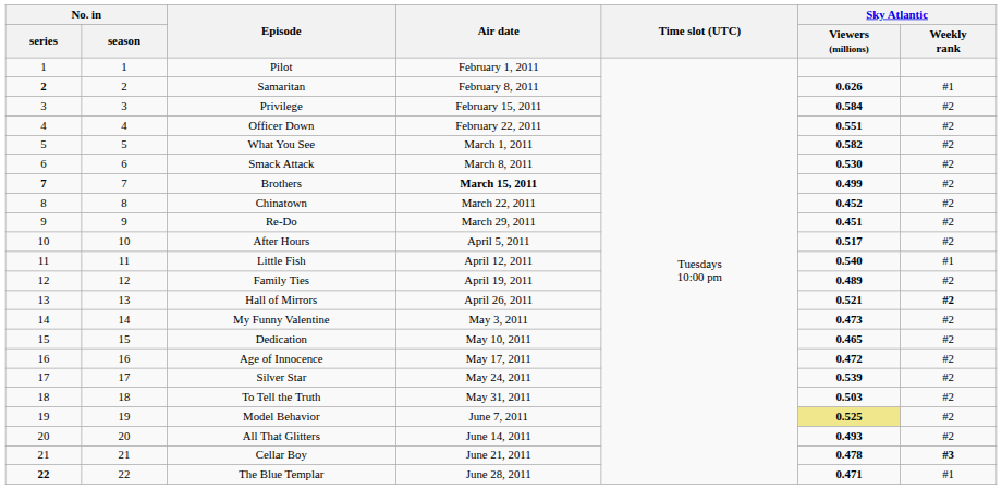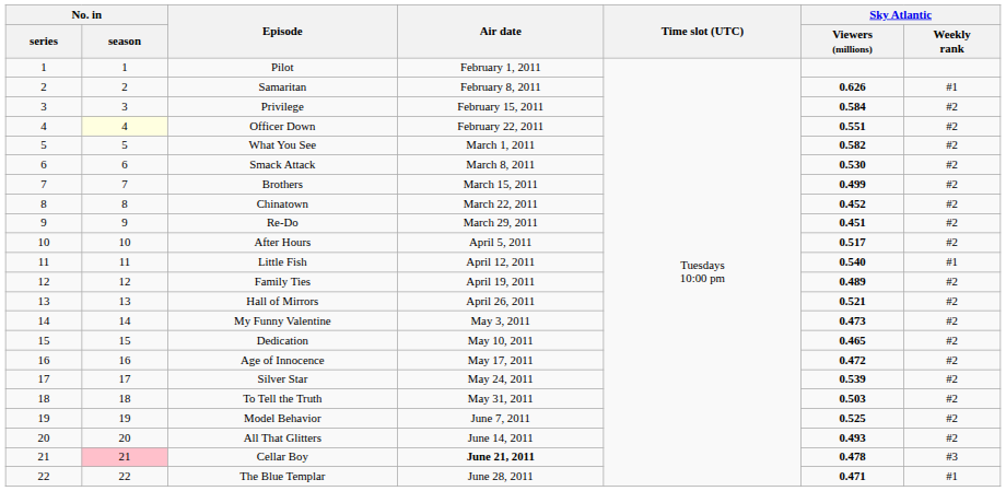 <table class="wikitable" style="font-size:90%; text-align:center; width: 96%; margin-left: auto; margin-right: auto;">
 <tr>
 <th colspan="2">No. in</th>
 <th rowspan="2">Episode</th>
 <th rowspan="2">Air date</th>
 <th rowspan="2">Time slot (UTC)</th>
 <th colspan="2"><a href='#'>Sky Atlantic</a></th>
 </tr>
 <tr>
 <th>series</th>
 <th>season</th>
 <th>Viewers<br><small>(millions)</small></th>
 <th>Weekly<br>rank</th>
 </tr>
 <tr>
 <td style="text-align:center">1</td>
 <td style="text-align:center">1</td>
 <td>Pilot</td>
 <td>February 1, 2011</td>
 <td rowspan=22>Tuesdays<br> 10:00 pm</td>
 <td></td>
 <td></td>
 </tr>
 <tr>
-<td><strong>2</strong></td>
+<td>2</td>
 <td>2</td>
 <td>Samaritan</td>
 <td>February 8, 2011</td>
 <td><strong>0.626</strong></td>
 <td>#1</td>
 </tr>
 <tr>
 <td>3</td>
 <td>3</td>
 <td>Privilege</td>
 <td>February 15, 2011</td>
 <td><strong>0.584</strong></td>
 <td>#2</td>
 </tr>
 <tr>
 <td>4</td>
-<td>4</td>
+<td style="background: lightyellow;">4</td>
 <td>Officer Down</td>
 <td>February 22, 2011</td>
 <td><strong>0.551</strong></td>
 <td>#2</td>
 </tr>
 <tr>
 <td>5</td>
 <td>5</td>
 <td>What You See</td>
 <td>March 1, 2011</td>
 <td><strong>0.582</strong></td>
 <td>#2</td>
 </tr>
 <tr>
 <td>6</td>
 <td>6</td>
 <td>Smack Attack</td>
 <td>March 8, 2011</td>
 <td><strong>0.530</strong></td>
 <td>#2</td>
 </tr>
 <tr>
-<td><strong>7</strong></td>
+<td>7</td>
 <td>7</td>
 <td>Brothers</td>
-<td><strong>March 15, 2011</strong></td>
+<td>March 15, 2011</td>
 <td><strong>0.499</strong></td>
 <td>#2</td>
 </tr>
 <tr>
 <td>8</td>
 <td>8</td>
 <td>Chinatown</td>
 <td>March 22, 2011</td>
 <td><strong>0.452</strong></td>
 <td>#2</td>
 </tr>
 <tr>
 <td>9</td>
 <td>9</td>
 <td>Re-Do</td>
 <td>March 29, 2011</td>
 <td><strong>0.451</strong></td>
 <td>#2</td>
 </tr>
 <tr>
 <td>10</td>
 <td>10</td>
 <td>After Hours</td>
 <td>April 5, 2011</td>
 <td><strong>0.517</strong></td>
 <td>#2</td>
 </tr>
 <tr>
 <td>11</td>
 <td>11</td>
 <td>Little Fish</td>
 <td>April 12, 2011</td>
 <td><strong>0.540</strong></td>
 <td>#1</td>
 </tr>
 <tr>
 <td>12</td>
 <td>12</td>
 <td>Family Ties</td>
 <td>April 19, 2011</td>
 <td><strong>0.489</strong></td>
 <td>#2</td>
 </tr>
 <tr>
 <td>13</td>
 <td>13</td>
 <td>Hall of Mirrors</td>
 <td>April 26, 2011</td>
 <td><strong>0.521</strong></td>
-<td><strong>#2</strong></td>
+<td>#2</td>
 </tr>
 <tr>
 <td>14</td>
 <td>14</td>
 <td>My Funny Valentine</td>
 <td>May 3, 2011</td>
 <td><strong>0.473</strong></td>
 <td>#2</td>
 </tr>
 <tr>
 <td>15</td>
 <td>15</td>
 <td>Dedication</td>
 <td>May 10, 2011</td>
 <td><strong>0.465</strong></td>
 <td>#2</td>
 </tr>
 <tr>
 <td>16</td>
 <td>16</td>
 <td>Age of Innocence</td>
 <td>May 17, 2011</td>
 <td><strong>0.472</strong></td>
 <td>#2</td>
 </tr>
 <tr>
 <td>17</td>
 <td>17</td>
 <td>Silver Star</td>
 <td>May 24, 2011</td>
 <td><strong>0.539</strong></td>
 <td>#2</td>
 </tr>
 <tr>
 <td>18</td>
 <td>18</td>
 <td>To Tell the Truth</td>
 <td>May 31, 2011</td>
 <td><strong>0.503</strong></td>
 <td>#2</td>
 </tr>
 <tr>
 <td>19</td>
 <td>19</td>
 <td>Model Behavior</td>
 <td>June 7, 2011</td>
-<td style="background: khaki;"><strong>0.525</strong></td>
+<td><strong>0.525</strong></td>
 <td>#2</td>
 </tr>
 <tr>
 <td>20</td>
 <td>20</td>
 <td>All That Glitters</td>
 <td>June 14, 2011</td>
 <td><strong>0.493</strong></td>
 <td>#2</td>
 </tr>
 <tr>
 <td>21</td>
-<td>21</td>
+<td style="background: pink;">21</td>
 <td>Cellar Boy</td>
-<td>June 21, 2011</td>
+<td><strong>June 21, 2011</strong></td>
 <td><strong>0.478</strong></td>
-<td><strong>#3</strong></td>
+<td>#3</td>
 </tr>
 <tr>
-<td><strong>22</strong></td>
+<td>22</td>
 <td>22</td>
 <td>The Blue Templar</td>
 <td>June 28, 2011</td>
 <td><strong>0.471</strong></td>
 <td>#1</td>
 </tr>
 </table>
